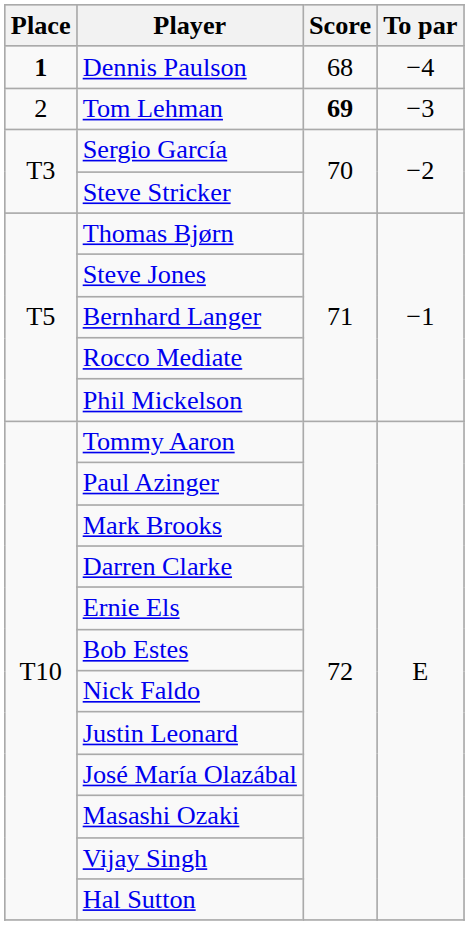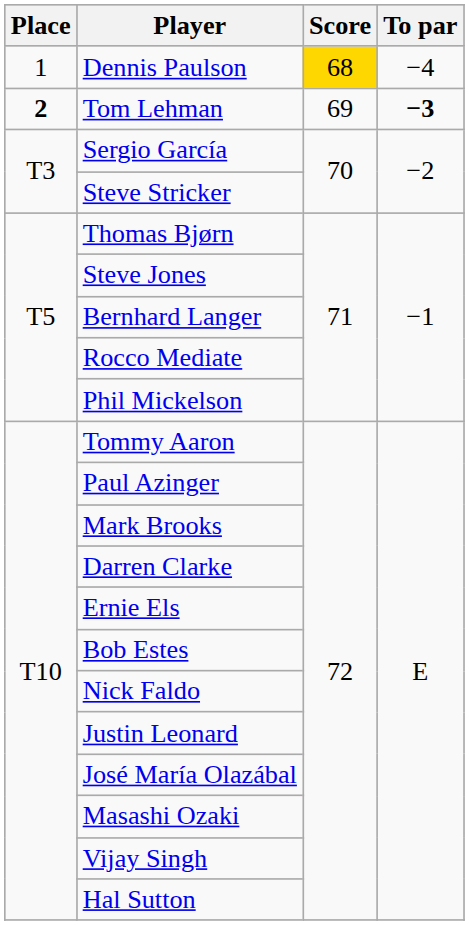 <table class="wikitable">
 <tr>
 <th>Place</th>
 <th>Player</th>
 <th>Score</th>
 <th>To par</th>
 </tr>
 <tr>
-<td align=center><strong>1</strong></td>
+<td align=center>1</td>
 <td> <a href='#'>Dennis Paulson</a></td>
-<td align=center>68</td>
+<td align=center style="background: gold;">68</td>
 <td align=center>−4</td>
 </tr>
 <tr>
-<td align=center>2</td>
+<td align=center><strong>2</strong></td>
 <td> <a href='#'>Tom Lehman</a></td>
-<td align=center><strong>69</strong></td>
-<td align=center>−3</td>
+<td align=center>69</td>
+<td align=center><strong>−3</strong></td>
 </tr>
 <tr>
 <td rowspan="2" align=center>T3</td>
 <td> <a href='#'>Sergio García</a></td>
 <td rowspan="2" align=center>70</td>
 <td rowspan="2" align=center>−2</td>
 </tr>
 <tr>
 <td> <a href='#'>Steve Stricker</a></td>
 </tr>
 <tr>
 <td rowspan="5" align=center>T5</td>
 <td> <a href='#'>Thomas Bjørn</a></td>
 <td rowspan="5" align=center>71</td>
 <td rowspan="5" align=center>−1</td>
 </tr>
 <tr>
 <td> <a href='#'>Steve Jones</a></td>
 </tr>
 <tr>
 <td> <a href='#'>Bernhard Langer</a></td>
 </tr>
 <tr>
 <td> <a href='#'>Rocco Mediate</a></td>
 </tr>
 <tr>
 <td> <a href='#'>Phil Mickelson</a></td>
 </tr>
 <tr>
 <td rowspan="12" align=center>T10</td>
 <td> <a href='#'>Tommy Aaron</a></td>
 <td rowspan="12" align=center>72</td>
 <td rowspan="12" align=center>E</td>
 </tr>
 <tr>
 <td> <a href='#'>Paul Azinger</a></td>
 </tr>
 <tr>
 <td> <a href='#'>Mark Brooks</a></td>
 </tr>
 <tr>
 <td> <a href='#'>Darren Clarke</a></td>
 </tr>
 <tr>
 <td> <a href='#'>Ernie Els</a></td>
 </tr>
 <tr>
 <td> <a href='#'>Bob Estes</a></td>
 </tr>
 <tr>
 <td> <a href='#'>Nick Faldo</a></td>
 </tr>
 <tr>
 <td> <a href='#'>Justin Leonard</a></td>
 </tr>
 <tr>
 <td> <a href='#'>José María Olazábal</a></td>
 </tr>
 <tr>
 <td> <a href='#'>Masashi Ozaki</a></td>
 </tr>
 <tr>
 <td> <a href='#'>Vijay Singh</a></td>
 </tr>
 <tr>
 <td> <a href='#'>Hal Sutton</a></td>
 </tr>
 </table>
